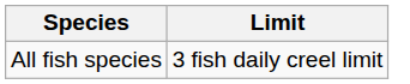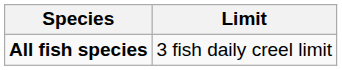 <table class="wikitable">
 <tr>
 <th>Species</th>
 <th>Limit</th>
 </tr>
 <tr>
-<td>All fish species</td>
+<td><strong>All fish species</strong></td>
 <td>3 fish daily creel limit</td>
 </tr>
 </table>
